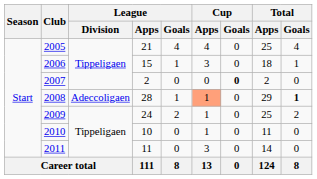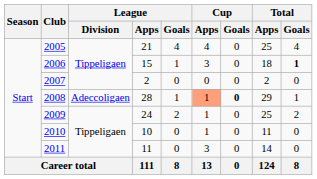 <table class="wikitable" style="text-align:center">
 <tr>
 <th rowspan="2">Season</th>
 <th rowspan="2">Club</th>
 <th colspan="3">League</th>
 <th colspan="2">Cup</th>
 <th colspan="2">Total</th>
 </tr>
 <tr>
 <th>Division</th>
 <th>Apps</th>
 <th>Goals</th>
 <th>Apps</th>
 <th>Goals</th>
 <th>Apps</th>
 <th>Goals</th>
 </tr>
 <tr>
 <td rowspan="7"><a href='#'>Start</a></td>
 <td><a href='#'>2005</a></td>
 <td rowspan="3"><a href='#'>Tippeligaen</a></td>
 <td>21</td>
 <td>4</td>
 <td>4</td>
 <td>0</td>
 <td>25</td>
 <td>4</td>
 </tr>
 <tr>
 <td><a href='#'>2006</a></td>
 <td>15</td>
 <td>1</td>
 <td>3</td>
 <td>0</td>
 <td>18</td>
-<td>1</td>
+<td><strong>1</strong></td>
 </tr>
 <tr>
 <td><a href='#'>2007</a></td>
 <td>2</td>
 <td>0</td>
 <td>0</td>
-<td><strong>0</strong></td>
+<td>0</td>
 <td>2</td>
 <td>0</td>
 </tr>
 <tr>
 <td><a href='#'>2008</a></td>
 <td><a href='#'>Adeccoligaen</a></td>
 <td>28</td>
 <td>1</td>
 <td style="background: lightsalmon;">1</td>
-<td>0</td>
+<td><strong>0</strong></td>
 <td>29</td>
-<td><strong>1</strong></td>
+<td>1</td>
 </tr>
 <tr>
 <td><a href='#'>2009</a></td>
 <td rowspan="3">Tippeligaen</td>
 <td>24</td>
 <td>2</td>
 <td>1</td>
 <td>0</td>
 <td>25</td>
 <td>2</td>
 </tr>
 <tr>
 <td><a href='#'>2010</a></td>
 <td>10</td>
 <td>0</td>
 <td>1</td>
 <td>0</td>
 <td>11</td>
 <td>0</td>
 </tr>
 <tr>
 <td><a href='#'>2011</a></td>
 <td>11</td>
 <td>0</td>
 <td>3</td>
 <td>0</td>
 <td>14</td>
 <td>0</td>
 </tr>
 <tr>
 <th colspan="3">Career total</th>
 <th>111</th>
 <th>8</th>
 <th>13</th>
 <th>0</th>
 <th>124</th>
 <th>8</th>
 </tr>
 </table>
